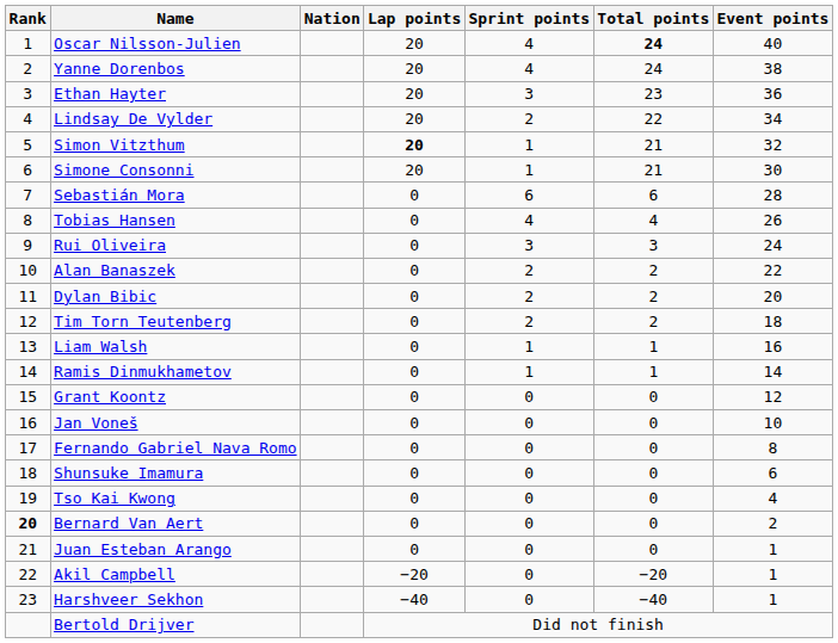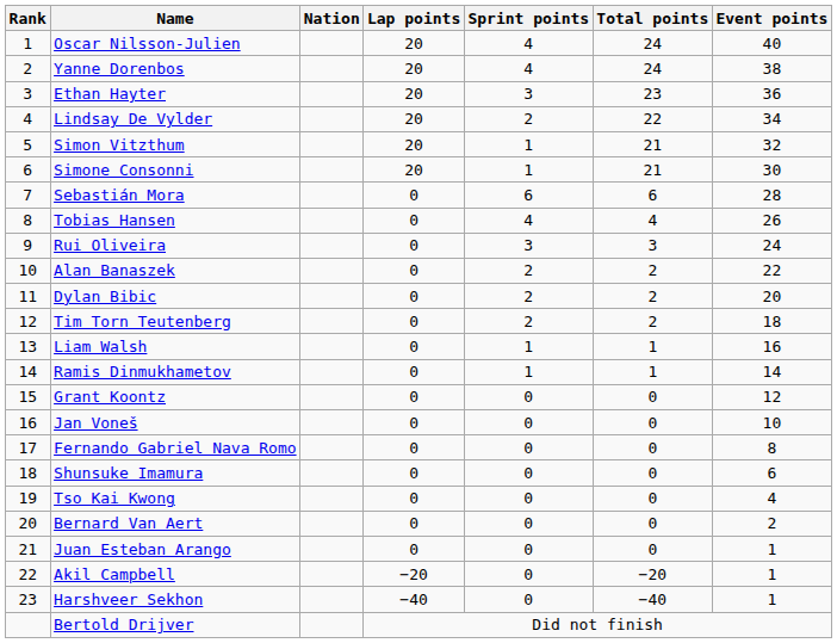 <table class="wikitable sortable" style="text-align:center">
 <tr>
 <th>Rank</th>
 <th>Name</th>
 <th>Nation</th>
 <th>Lap points</th>
 <th>Sprint points</th>
 <th>Total points</th>
 <th>Event points</th>
 </tr>
 <tr>
 <td>1</td>
 <td align=left><a href='#'>Oscar Nilsson-Julien</a></td>
 <td align=left></td>
 <td>20</td>
 <td>4</td>
-<td><strong>24</strong></td>
+<td>24</td>
 <td>40</td>
 </tr>
 <tr>
 <td>2</td>
 <td align=left><a href='#'>Yanne Dorenbos</a></td>
 <td align=left></td>
 <td>20</td>
 <td>4</td>
 <td>24</td>
 <td>38</td>
 </tr>
 <tr>
 <td>3</td>
 <td align=left><a href='#'>Ethan Hayter</a></td>
 <td align=left></td>
 <td>20</td>
 <td>3</td>
 <td>23</td>
 <td>36</td>
 </tr>
 <tr>
 <td>4</td>
 <td align=left><a href='#'>Lindsay De Vylder</a></td>
 <td align=left></td>
 <td>20</td>
 <td>2</td>
 <td>22</td>
 <td>34</td>
 </tr>
 <tr>
 <td>5</td>
 <td align=left><a href='#'>Simon Vitzthum</a></td>
 <td align=left></td>
-<td><strong>20</strong></td>
+<td>20</td>
 <td>1</td>
 <td>21</td>
 <td>32</td>
 </tr>
 <tr>
 <td>6</td>
 <td align=left><a href='#'>Simone Consonni</a></td>
 <td align=left></td>
 <td>20</td>
 <td>1</td>
 <td>21</td>
 <td>30</td>
 </tr>
 <tr>
 <td>7</td>
 <td align=left><a href='#'>Sebastián Mora</a></td>
 <td align=left></td>
 <td>0</td>
 <td>6</td>
 <td>6</td>
 <td>28</td>
 </tr>
 <tr>
 <td>8</td>
 <td align=left><a href='#'>Tobias Hansen</a></td>
 <td align=left></td>
 <td>0</td>
 <td>4</td>
 <td>4</td>
 <td>26</td>
 </tr>
 <tr>
 <td>9</td>
 <td align=left><a href='#'>Rui Oliveira</a></td>
 <td align=left></td>
 <td>0</td>
 <td>3</td>
 <td>3</td>
 <td>24</td>
 </tr>
 <tr>
 <td>10</td>
 <td align=left><a href='#'>Alan Banaszek</a></td>
 <td align=left></td>
 <td>0</td>
 <td>2</td>
 <td>2</td>
 <td>22</td>
 </tr>
 <tr>
 <td>11</td>
 <td align=left><a href='#'>Dylan Bibic</a></td>
 <td align=left></td>
 <td>0</td>
 <td>2</td>
 <td>2</td>
 <td>20</td>
 </tr>
 <tr>
 <td>12</td>
 <td align=left><a href='#'>Tim Torn Teutenberg</a></td>
 <td align=left></td>
 <td>0</td>
 <td>2</td>
 <td>2</td>
 <td>18</td>
 </tr>
 <tr>
 <td>13</td>
 <td align=left><a href='#'>Liam Walsh</a></td>
 <td align=left></td>
 <td>0</td>
 <td>1</td>
 <td>1</td>
 <td>16</td>
 </tr>
 <tr>
 <td>14</td>
 <td align=left><a href='#'>Ramis Dinmukhametov</a></td>
 <td align=left></td>
 <td>0</td>
 <td>1</td>
 <td>1</td>
 <td>14</td>
 </tr>
 <tr>
 <td>15</td>
 <td align=left><a href='#'>Grant Koontz</a></td>
 <td align=left></td>
 <td>0</td>
 <td>0</td>
 <td>0</td>
 <td>12</td>
 </tr>
 <tr>
 <td>16</td>
 <td align=left><a href='#'>Jan Voneš</a></td>
 <td align=left></td>
 <td>0</td>
 <td>0</td>
 <td>0</td>
 <td>10</td>
 </tr>
 <tr>
 <td>17</td>
 <td align=left><a href='#'>Fernando Gabriel Nava Romo</a></td>
 <td align=left></td>
 <td>0</td>
 <td>0</td>
 <td>0</td>
 <td>8</td>
 </tr>
 <tr>
 <td>18</td>
 <td align=left><a href='#'>Shunsuke Imamura</a></td>
 <td align=left></td>
 <td>0</td>
 <td>0</td>
 <td>0</td>
 <td>6</td>
 </tr>
 <tr>
 <td>19</td>
 <td align=left><a href='#'>Tso Kai Kwong</a></td>
 <td align=left></td>
 <td>0</td>
 <td>0</td>
 <td>0</td>
 <td>4</td>
 </tr>
 <tr>
-<td><strong>20</strong></td>
+<td>20</td>
 <td align=left><a href='#'>Bernard Van Aert</a></td>
 <td align=left></td>
 <td>0</td>
 <td>0</td>
 <td>0</td>
 <td>2</td>
 </tr>
 <tr>
 <td>21</td>
 <td align=left><a href='#'>Juan Esteban Arango</a></td>
 <td align=left></td>
 <td>0</td>
 <td>0</td>
 <td>0</td>
 <td>1</td>
 </tr>
 <tr>
 <td>22</td>
 <td align=left><a href='#'>Akil Campbell</a></td>
 <td align=left></td>
 <td>−20</td>
 <td>0</td>
 <td>−20</td>
 <td>1</td>
 </tr>
 <tr>
 <td>23</td>
 <td align=left><a href='#'>Harshveer Sekhon</a></td>
 <td align=left></td>
 <td>−40</td>
 <td>0</td>
 <td>−40</td>
 <td>1</td>
 </tr>
 <tr>
 <td></td>
 <td align=left><a href='#'>Bertold Drijver</a></td>
 <td align=left></td>
 <td colspan=4>Did not finish</td>
 </tr>
 </table>
